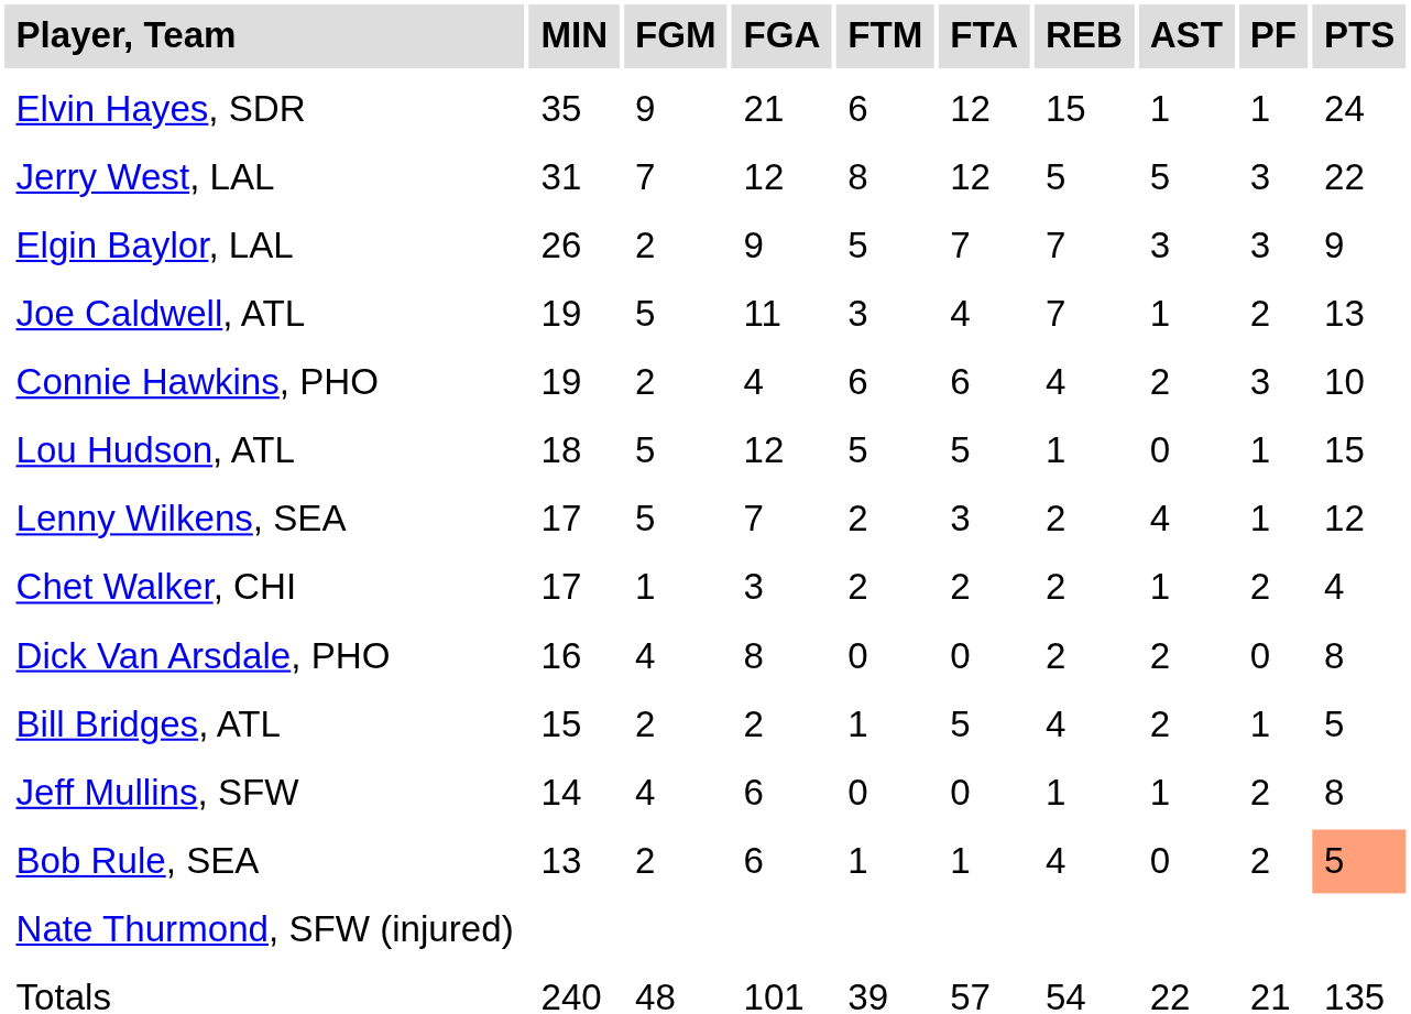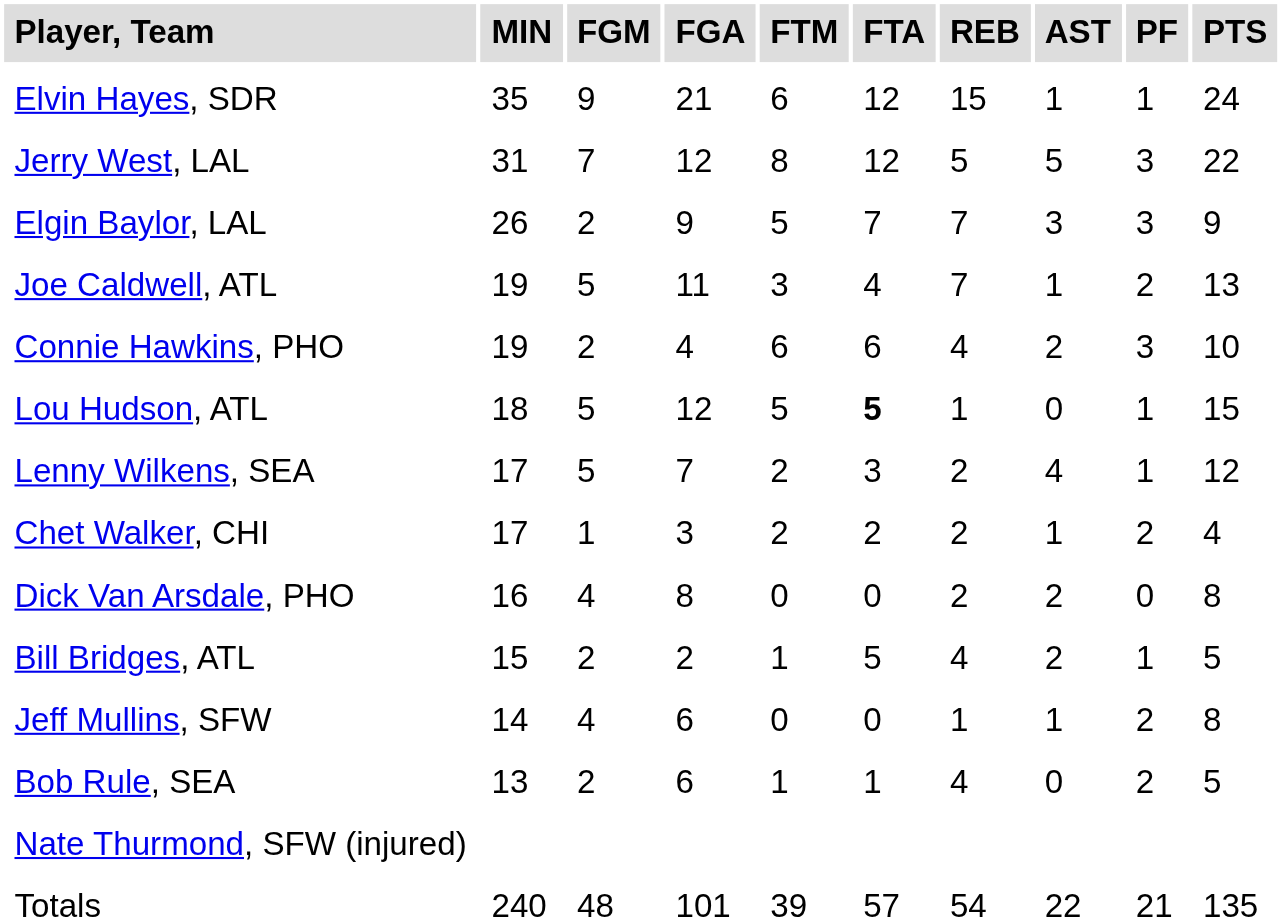 <table cellpadding=5>
 <tr bgcolor="#dddddd">
 <td><strong>Player, Team</strong></td>
 <td><strong>MIN</strong></td>
 <td><strong>FGM</strong></td>
 <td><strong>FGA</strong></td>
 <td><strong>FTM</strong></td>
 <td><strong>FTA</strong></td>
 <td><strong>REB</strong></td>
 <td><strong>AST</strong></td>
 <td><strong>PF</strong></td>
 <td><strong>PTS</strong></td>
 </tr>
 <tr bgcolor="#eeeeee">
 </tr>
 <tr>
 <td><a href='#'>Elvin Hayes</a>, SDR</td>
 <td>35</td>
 <td>9</td>
 <td>21</td>
 <td>6</td>
 <td>12</td>
 <td>15</td>
 <td>1</td>
 <td>1</td>
 <td>24</td>
 </tr>
 <tr>
 <td><a href='#'>Jerry West</a>, LAL</td>
 <td>31</td>
 <td>7</td>
 <td>12</td>
 <td>8</td>
 <td>12</td>
 <td>5</td>
 <td>5</td>
 <td>3</td>
 <td>22</td>
 </tr>
 <tr>
 <td><a href='#'>Elgin Baylor</a>, LAL</td>
 <td>26</td>
 <td>2</td>
 <td>9</td>
 <td>5</td>
 <td>7</td>
 <td>7</td>
 <td>3</td>
 <td>3</td>
 <td>9</td>
 </tr>
 <tr>
 <td><a href='#'>Joe Caldwell</a>, ATL</td>
 <td>19</td>
 <td>5</td>
 <td>11</td>
 <td>3</td>
 <td>4</td>
 <td>7</td>
 <td>1</td>
 <td>2</td>
 <td>13</td>
 </tr>
 <tr>
 <td><a href='#'>Connie Hawkins</a>, PHO</td>
 <td>19</td>
 <td>2</td>
 <td>4</td>
 <td>6</td>
 <td>6</td>
 <td>4</td>
 <td>2</td>
 <td>3</td>
 <td>10</td>
 </tr>
 <tr>
 <td><a href='#'>Lou Hudson</a>, ATL</td>
 <td>18</td>
 <td>5</td>
 <td>12</td>
 <td>5</td>
-<td>5</td>
+<td><strong>5</strong></td>
 <td>1</td>
 <td>0</td>
 <td>1</td>
 <td>15</td>
 </tr>
 <tr>
 <td><a href='#'>Lenny Wilkens</a>, SEA</td>
 <td>17</td>
 <td>5</td>
 <td>7</td>
 <td>2</td>
 <td>3</td>
 <td>2</td>
 <td>4</td>
 <td>1</td>
 <td>12</td>
 </tr>
 <tr>
 <td><a href='#'>Chet Walker</a>, CHI</td>
 <td>17</td>
 <td>1</td>
 <td>3</td>
 <td>2</td>
 <td>2</td>
 <td>2</td>
 <td>1</td>
 <td>2</td>
 <td>4</td>
 </tr>
 <tr>
 <td><a href='#'>Dick Van Arsdale</a>, PHO</td>
 <td>16</td>
 <td>4</td>
 <td>8</td>
 <td>0</td>
 <td>0</td>
 <td>2</td>
 <td>2</td>
 <td>0</td>
 <td>8</td>
 </tr>
 <tr>
 <td><a href='#'>Bill Bridges</a>, ATL</td>
 <td>15</td>
 <td>2</td>
 <td>2</td>
 <td>1</td>
 <td>5</td>
 <td>4</td>
 <td>2</td>
 <td>1</td>
 <td>5</td>
 </tr>
 <tr>
 <td><a href='#'>Jeff Mullins</a>, SFW</td>
 <td>14</td>
 <td>4</td>
 <td>6</td>
 <td>0</td>
 <td>0</td>
 <td>1</td>
 <td>1</td>
 <td>2</td>
 <td>8</td>
 </tr>
 <tr>
 <td><a href='#'>Bob Rule</a>, SEA</td>
 <td>13</td>
 <td>2</td>
 <td>6</td>
 <td>1</td>
 <td>1</td>
 <td>4</td>
 <td>0</td>
 <td>2</td>
-<td style="background: lightsalmon;">5</td>
+<td>5</td>
 </tr>
 <tr>
 <td><a href='#'>Nate Thurmond</a>, SFW (injured)</td>
 </tr>
 <tr>
 <td>Totals</td>
 <td>240</td>
 <td>48</td>
 <td>101</td>
 <td>39</td>
 <td>57</td>
 <td>54</td>
 <td>22</td>
 <td>21</td>
 <td>135</td>
 </tr>
 <tr>
 </tr>
 </table>
